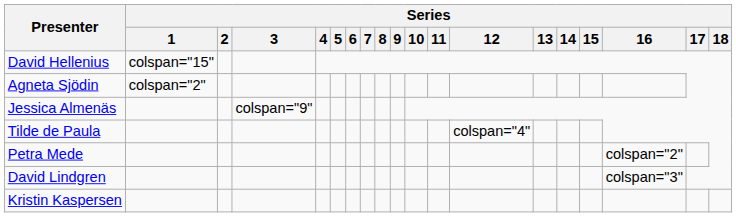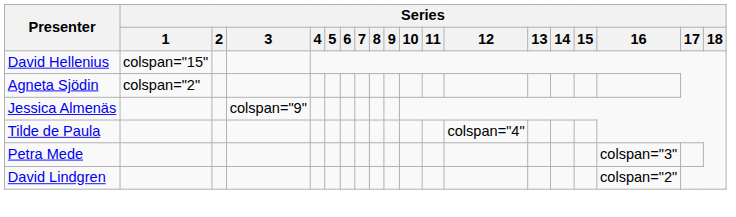 <table class="wikitable">
 <tr>
 <th rowspan="2">Presenter</th>
 <th colspan="18" style="text-align:center;">Series</th>
 </tr>
 <tr>
 <th>1</th>
 <th>2</th>
 <th>3</th>
 <th>4</th>
 <th>5</th>
 <th>6</th>
 <th>7</th>
 <th>8</th>
 <th>9</th>
 <th>10</th>
 <th>11</th>
 <th>12</th>
 <th>13</th>
 <th>14</th>
 <th>15</th>
 <th>16</th>
 <th>17</th>
 <th>18</th>
 </tr>
 <tr>
 <td><a href='#'>David Hellenius</a></td>
 <td>colspan="15" </td>
 <td></td>
 <td></td>
 </tr>
 <tr>
 <td><a href='#'>Agneta Sjödin</a></td>
 <td>colspan="2" </td>
 <td></td>
 <td></td>
 <td></td>
 <td></td>
 <td></td>
 <td></td>
 <td></td>
 <td></td>
 <td></td>
 <td></td>
 <td></td>
 <td></td>
 <td></td>
 <td></td>
 <td></td>
 </tr>
 <tr>
 <td><a href='#'>Jessica Almenäs</a></td>
 <td></td>
 <td></td>
 <td>colspan="9" </td>
 <td></td>
 <td></td>
 <td></td>
 <td></td>
 <td></td>
 <td></td>
 </tr>
 <tr>
 <td><a href='#'>Tilde de Paula</a></td>
 <td></td>
 <td></td>
 <td></td>
 <td></td>
 <td></td>
 <td></td>
 <td></td>
 <td></td>
 <td></td>
 <td></td>
 <td></td>
 <td>colspan="4" </td>
 <td></td>
 <td></td>
 <td></td>
 </tr>
 <tr>
 <td><a href='#'>Petra Mede</a></td>
 <td></td>
 <td></td>
 <td></td>
 <td></td>
 <td></td>
 <td></td>
 <td></td>
 <td></td>
 <td></td>
 <td></td>
 <td></td>
 <td></td>
 <td></td>
 <td></td>
 <td></td>
-<td>colspan="2" </td>
+<td>colspan="3" </td>
 <td></td>
 </tr>
 <tr>
 <td><a href='#'>David Lindgren</a></td>
 <td></td>
 <td></td>
 <td></td>
 <td></td>
 <td></td>
 <td></td>
 <td></td>
 <td></td>
 <td></td>
 <td></td>
 <td></td>
 <td></td>
 <td></td>
 <td></td>
 <td></td>
-<td>colspan="3" </td>
-</tr>
-<tr>
-<td><a href='#'>Kristin Kaspersen</a></td>
-<td></td>
-<td></td>
-<td></td>
-<td></td>
-<td></td>
-<td></td>
-<td></td>
-<td></td>
-<td></td>
-<td></td>
-<td></td>
-<td></td>
-<td></td>
-<td></td>
-<td></td>
-<td></td>
-<td></td>
-<td></td>
+<td>colspan="2" </td>
 </tr>
 </table>
